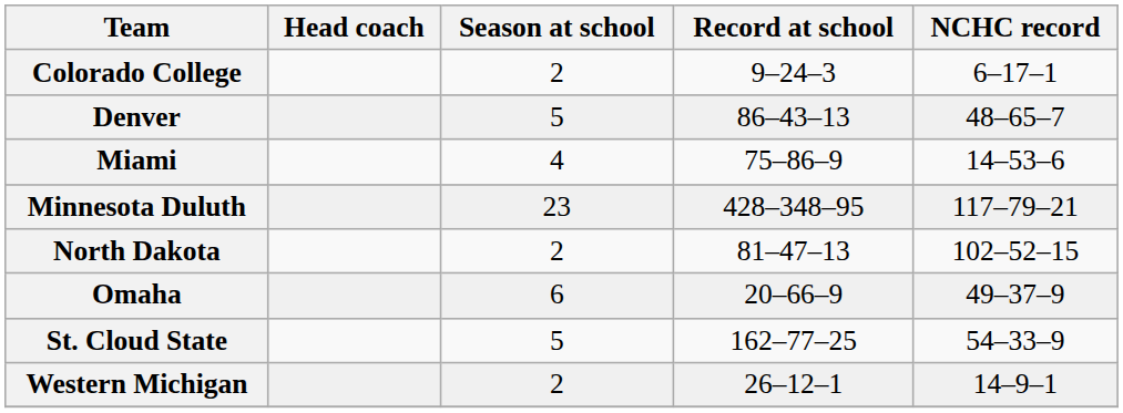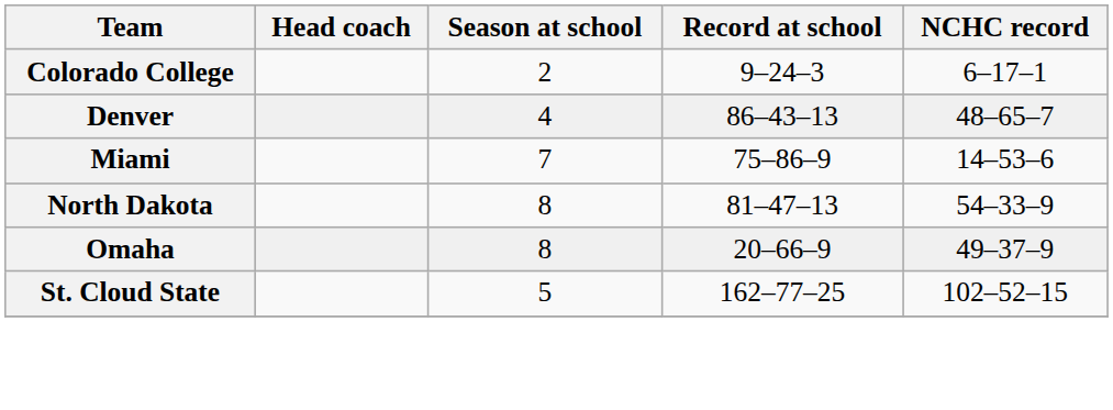 <table class="wikitable sortable" style="text-align: center; "width=50%">
 <tr>
 <th>Team</th>
 <th>Head coach</th>
 <th>Season at school</th>
 <th>Record at school</th>
 <th>NCHC record</th>
 </tr>
 <tr>
 <th>Colorado College</th>
 <td></td>
 <td>2</td>
 <td>9–24–3</td>
 <td>6–17–1</td>
 </tr>
 <tr bgcolor=f0f0f0>
 <th>Denver</th>
 <td></td>
-<td>5</td>
+<td>4</td>
 <td>86–43–13</td>
 <td>48–65–7</td>
 </tr>
 <tr>
 <th>Miami</th>
 <td></td>
-<td>4</td>
+<td>7</td>
 <td>75–86–9</td>
 <td>14–53–6</td>
-</tr>
-<tr bgcolor=f0f0f0>
-<th>Minnesota Duluth</th>
-<td></td>
-<td>23</td>
-<td>428–348–95</td>
-<td>117–79–21</td>
 </tr>
 <tr>
 <th>North Dakota</th>
 <td></td>
-<td>2</td>
+<td>8</td>
 <td>81–47–13</td>
-<td>102–52–15</td>
+<td>54–33–9</td>
 </tr>
 <tr bgcolor=f0f0f0>
 <th>Omaha</th>
 <td></td>
-<td>6</td>
+<td>8</td>
 <td>20–66–9</td>
 <td>49–37–9</td>
 </tr>
 <tr>
 <th>St. Cloud State</th>
 <td></td>
 <td>5</td>
 <td>162–77–25</td>
-<td>54–33–9</td>
-</tr>
-<tr bgcolor=f0f0f0>
-<th>Western Michigan</th>
-<td></td>
-<td>2</td>
-<td>26–12–1</td>
-<td>14–9–1</td>
+<td>102–52–15</td>
 </tr>
 <tr>
 </tr>
 </table>
